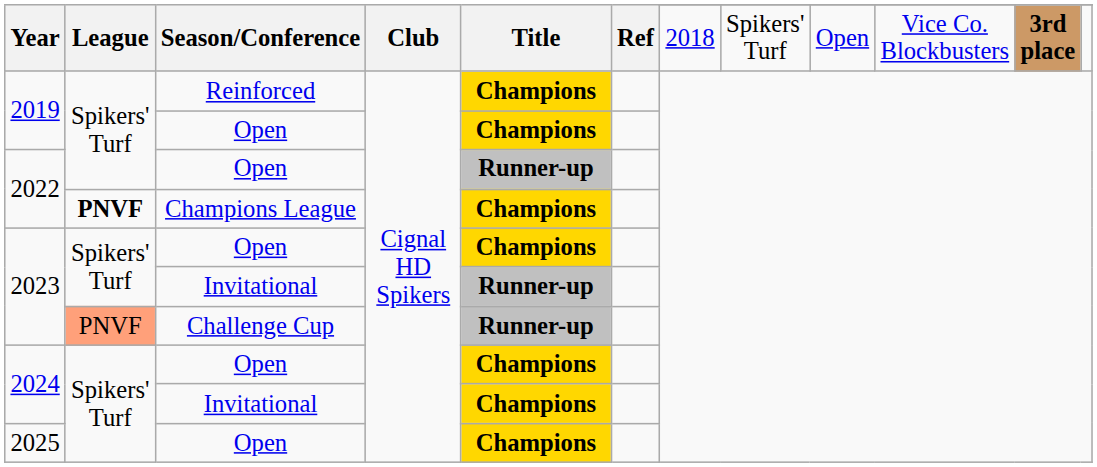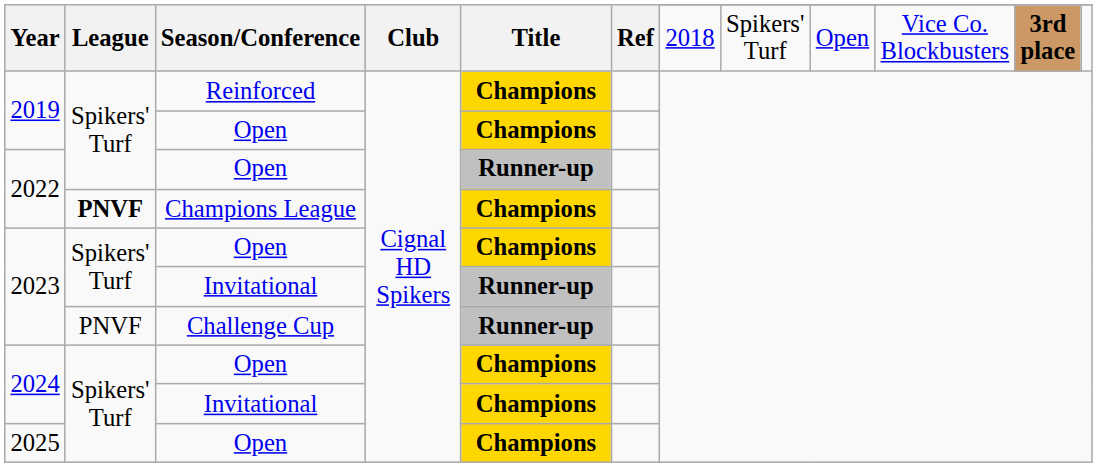 <table class="wikitable sortable" style="text-align:center" width="80%">
 <tr>
 <th style="width:5px;" rowspan="2">Year</th>
 <th style="width:25px;" rowspan="2">League</th>
 <th style="width:100px;" rowspan="2">Season/Conference</th>
 <th style="width:100px;" rowspan="2">Club</th>
 <th style="width:180px;" rowspan="2">Title</th>
 <th style="width:25px;" rowspan="2">Ref</th>
 </tr>
 <tr align=center>
 <td><a href='#'>2018</a></td>
 <td>Spikers' Turf</td>
 <td><a href='#'>Open</a></td>
 <td><a href='#'>Vice Co. Blockbusters</a></td>
 <td style="background:#cc9966;"><strong>3rd place</strong></td>
 <td></td>
 </tr>
 <tr align=center>
 <td rowspan=2><a href='#'>2019</a></td>
 <td rowspan=3>Spikers' Turf</td>
 <td><a href='#'>Reinforced</a></td>
 <td rowspan=10><a href='#'>Cignal HD Spikers</a></td>
 <td style="background:gold"><strong>Champions</strong></td>
 <td></td>
 </tr>
 <tr align=center>
 <td><a href='#'>Open</a></td>
 <td style="background:gold"><strong>Champions</strong></td>
 <td></td>
 </tr>
 <tr align=center>
 <td rowspan=2>2022</td>
 <td><a href='#'>Open</a></td>
 <td style="background:silver;"><strong>Runner-up</strong></td>
 <td></td>
 </tr>
 <tr align=center>
 <td><strong>PNVF</strong></td>
 <td><a href='#'>Champions League</a></td>
 <td style="background:gold"><strong>Champions</strong></td>
 <td></td>
 </tr>
 <tr align=center>
 <td rowspan=3>2023</td>
 <td rowspan=2>Spikers' Turf</td>
 <td><a href='#'>Open</a></td>
 <td style="background:gold;"><strong>Champions</strong></td>
 <td></td>
 </tr>
 <tr align=center>
 <td><a href='#'>Invitational</a></td>
 <td style="background:silver;"><strong>Runner-up</strong></td>
 <td></td>
 </tr>
 <tr align=center>
-<td style="background: lightsalmon;">PNVF</td>
+<td>PNVF</td>
 <td><a href='#'>Challenge Cup</a></td>
 <td style="background:silver;"><strong>Runner-up</strong></td>
 <td></td>
 </tr>
 <tr align=center>
 <td rowspan=2><a href='#'>2024</a></td>
 <td rowspan=3>Spikers' Turf</td>
 <td><a href='#'>Open</a></td>
 <td style="background:gold;"><strong>Champions</strong></td>
 <td></td>
 </tr>
 <tr align=center>
 <td><a href='#'>Invitational</a></td>
 <td style="background:gold;"><strong>Champions</strong></td>
 <td></td>
 </tr>
 <tr align=center>
 <td rowspan=1>2025</td>
 <td><a href='#'>Open</a></td>
 <td style="background:gold;"><strong>Champions</strong></td>
 <td></td>
 </tr>
 </table>
